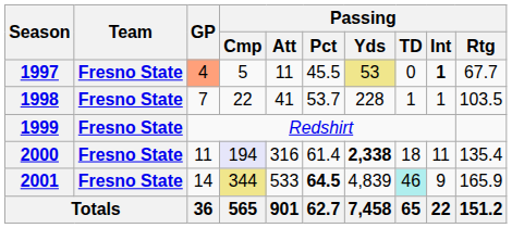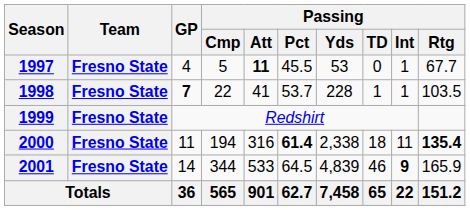 <table class="wikitable" style="text-align:center;">
 <tr>
 <th rowspan="2">Season</th>
 <th rowspan="2">Team</th>
 <th rowspan="2">GP</th>
 <th colspan="7">Passing</th>
 </tr>
 <tr>
 <th>Cmp</th>
 <th>Att</th>
 <th>Pct</th>
 <th>Yds</th>
 <th>TD</th>
 <th>Int</th>
 <th>Rtg</th>
 </tr>
 <tr>
 <th><a href='#'>1997</a></th>
 <th><a href='#'>Fresno State</a></th>
-<td style="background: lightsalmon;">4</td>
+<td>4</td>
 <td>5</td>
-<td>11</td>
+<td><strong>11</strong></td>
 <td>45.5</td>
-<td style="background: khaki;">53</td>
+<td>53</td>
 <td>0</td>
-<td><strong>1</strong></td>
+<td>1</td>
 <td>67.7</td>
 </tr>
 <tr>
 <th><a href='#'>1998</a></th>
 <th><a href='#'>Fresno State</a></th>
-<td>7</td>
+<td><strong>7</strong></td>
 <td>22</td>
 <td>41</td>
 <td>53.7</td>
 <td>228</td>
 <td>1</td>
 <td>1</td>
 <td>103.5</td>
 </tr>
 <tr>
 <th><a href='#'>1999</a></th>
 <th><a href='#'>Fresno State</a></th>
 <td colspan="7"> <em><a href='#'>Redshirt</a></em></td>
 </tr>
 <tr>
 <th><a href='#'>2000</a></th>
 <th><a href='#'>Fresno State</a></th>
 <td>11</td>
-<td style="background: lavender;">194</td>
+<td>194</td>
 <td>316</td>
-<td>61.4</td>
-<td><strong>2,338</strong></td>
+<td><strong>61.4</strong></td>
+<td>2,338</td>
 <td>18</td>
 <td>11</td>
-<td>135.4</td>
+<td><strong>135.4</strong></td>
 </tr>
 <tr>
 <th><a href='#'>2001</a></th>
 <th><a href='#'>Fresno State</a></th>
 <td>14</td>
-<td style="background: khaki;">344</td>
+<td>344</td>
 <td>533</td>
-<td><strong>64.5</strong></td>
+<td>64.5</td>
 <td>4,839</td>
-<td style="background: paleturquoise;">46</td>
-<td>9</td>
+<td>46</td>
+<td><strong>9</strong></td>
 <td>165.9</td>
 </tr>
 <tr>
 <th colspan="2">Totals</th>
 <th>36</th>
 <th>565</th>
 <th>901</th>
 <th>62.7</th>
 <th>7,458</th>
 <th>65</th>
 <th>22</th>
 <th>151.2</th>
 </tr>
 </table>
